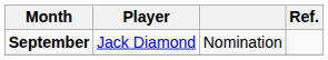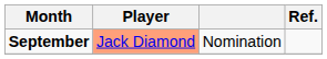 <table class="wikitable" style="text-align:left">
 <tr>
 <th>Month</th>
 <th>Player</th>
 <th></th>
 <th>Ref.</th>
 </tr>
 <tr>
 <td align="center"><strong>September</strong></td>
-<td> <a href='#'>Jack Diamond</a></td>
+<td style="background: lightsalmon;"> <a href='#'>Jack Diamond</a></td>
 <td>Nomination</td>
 <td align="center"></td>
 </tr>
 <tr>
 </tr>
 </table>
